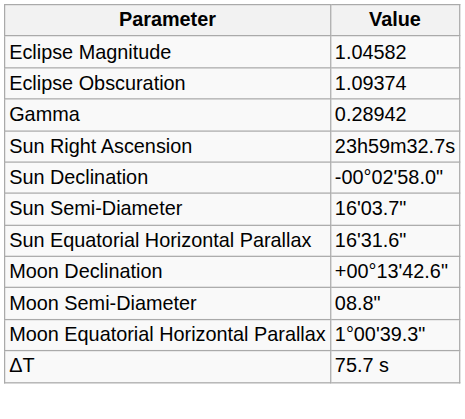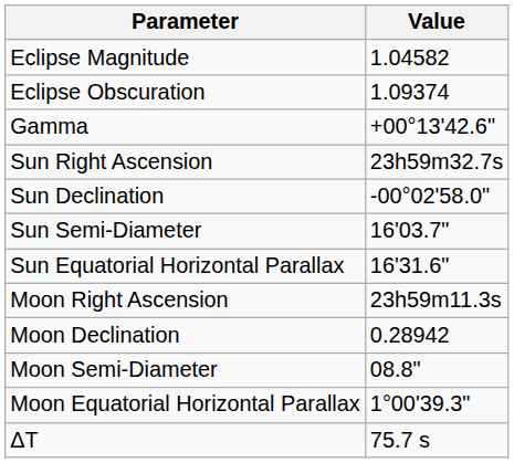 <table class="wikitable">
 <tr>
 <th>Parameter</th>
 <th>Value</th>
 </tr>
 <tr>
 <td>Eclipse Magnitude</td>
 <td>1.04582</td>
 </tr>
 <tr>
 <td>Eclipse Obscuration</td>
 <td>1.09374</td>
 </tr>
 <tr>
 <td>Gamma</td>
-<td>0.28942</td>
+<td>+00°13'42.6"</td>
 </tr>
 <tr>
 <td>Sun Right Ascension</td>
 <td>23h59m32.7s</td>
 </tr>
 <tr>
 <td>Sun Declination</td>
 <td>-00°02'58.0"</td>
 </tr>
 <tr>
 <td>Sun Semi-Diameter</td>
 <td>16'03.7"</td>
 </tr>
 <tr>
 <td>Sun Equatorial Horizontal Parallax</td>
 <td>16'31.6"</td>
 </tr>
 <tr>
+<td>Moon Right Ascension</td>
+<td>23h59m11.3s</td>
+</tr>
+<tr>
 <td>Moon Declination</td>
-<td>+00°13'42.6"</td>
+<td>0.28942</td>
 </tr>
 <tr>
 <td>Moon Semi-Diameter</td>
 <td>08.8"</td>
 </tr>
 <tr>
 <td>Moon Equatorial Horizontal Parallax</td>
 <td>1°00'39.3"</td>
 </tr>
 <tr>
 <td>ΔT</td>
 <td>75.7 s</td>
 </tr>
 </table>
